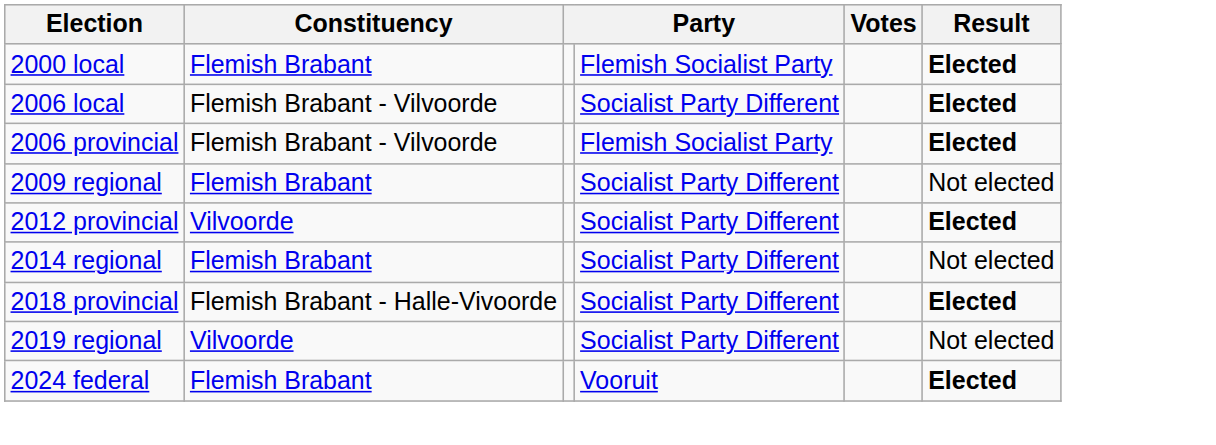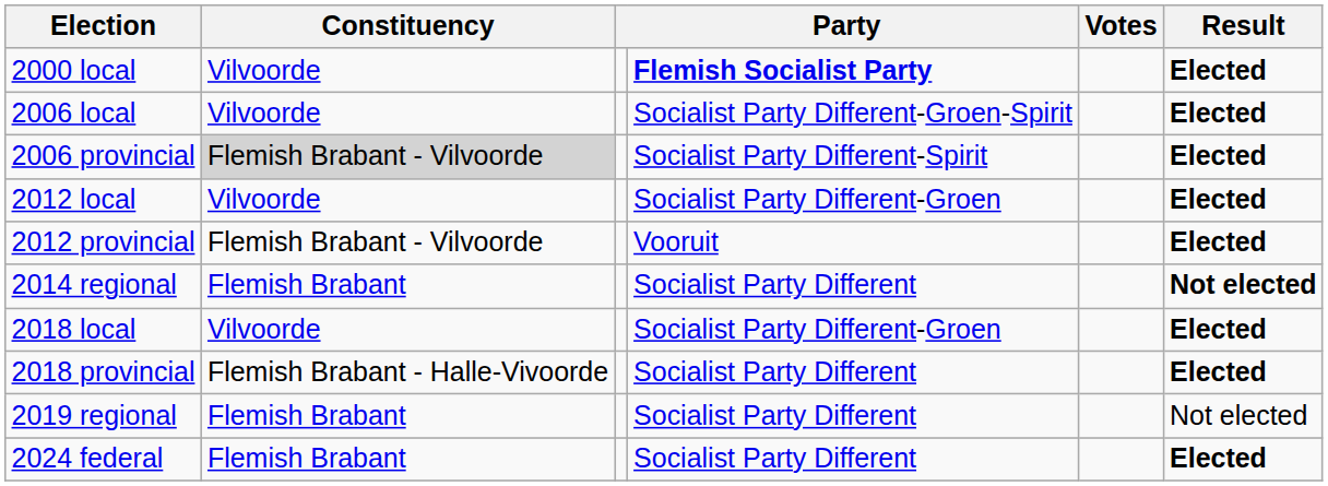 <table class="wikitable" style="text-align:left;">
 <tr>
 <th scope=col>Election</th>
 <th scope=col>Constituency</th>
 <th scope=col colspan="2">Party</th>
 <th scope=col>Votes</th>
 <th scope=col>Result</th>
 </tr>
 <tr>
 <td><a href='#'>2000 local</a></td>
-<td><a href='#'>Flemish Brabant</a></td>
+<td><a href='#'>Vilvoorde</a></td>
 <td style="background:"></td>
-<td><a href='#'>Flemish Socialist Party</a></td>
+<td><strong><a href='#'>Flemish Socialist Party</a></strong></td>
 <td align=right></td>
 <td><strong>Elected</strong></td>
 </tr>
 <tr>
 <td><a href='#'>2006 local</a></td>
-<td>Flemish Brabant - Vilvoorde</td>
+<td><a href='#'>Vilvoorde</a></td>
 <td></td>
-<td><a href='#'>Socialist Party Different</a></td>
+<td><a href='#'>Socialist Party Different</a>-<a href='#'>Groen</a>-<a href='#'>Spirit</a></td>
 <td align=right></td>
 <td><strong>Elected</strong></td>
 </tr>
 <tr>
 <td><a href='#'>2006 provincial</a></td>
-<td>Flemish Brabant - Vilvoorde</td>
+<td style="background: lightgrey;">Flemish Brabant - Vilvoorde</td>
 <td></td>
-<td><a href='#'>Flemish Socialist Party</a></td>
+<td><a href='#'>Socialist Party Different</a>-<a href='#'>Spirit</a></td>
 <td align=right></td>
 <td><strong>Elected</strong></td>
 </tr>
 <tr>
-<td><a href='#'>2009 regional</a></td>
-<td><a href='#'>Flemish Brabant</a></td>
-<td style="background:"></td>
-<td><a href='#'>Socialist Party Different</a></td>
+<td><a href='#'>2012 local</a></td>
+<td><a href='#'>Vilvoorde</a></td>
+<td></td>
+<td><a href='#'>Socialist Party Different</a>-<a href='#'>Groen</a></td>
 <td align=right></td>
-<td>Not elected</td>
+<td><strong>Elected</strong></td>
 </tr>
 <tr>
 <td><a href='#'>2012 provincial</a></td>
-<td><a href='#'>Vilvoorde</a></td>
+<td>Flemish Brabant - Vilvoorde</td>
 <td style="background:"></td>
-<td><a href='#'>Socialist Party Different</a></td>
+<td><a href='#'>Vooruit</a></td>
 <td align=right></td>
 <td><strong>Elected</strong></td>
 </tr>
 <tr>
 <td><a href='#'>2014 regional</a></td>
 <td><a href='#'>Flemish Brabant</a></td>
 <td style="background:"></td>
 <td><a href='#'>Socialist Party Different</a></td>
 <td align=right></td>
-<td>Not elected</td>
+<td><strong>Not elected</strong></td>
+</tr>
+<tr>
+<td><a href='#'>2018 local</a></td>
+<td><a href='#'>Vilvoorde</a></td>
+<td></td>
+<td><a href='#'>Socialist Party Different</a>-<a href='#'>Groen</a></td>
+<td align=right></td>
+<td><strong>Elected</strong></td>
 </tr>
 <tr>
 <td><a href='#'>2018 provincial</a></td>
 <td>Flemish Brabant - Halle-Vivoorde</td>
 <td style="background:"></td>
 <td><a href='#'>Socialist Party Different</a></td>
 <td align=right></td>
 <td><strong>Elected</strong></td>
 </tr>
 <tr>
 <td><a href='#'>2019 regional</a></td>
-<td><a href='#'>Vilvoorde</a></td>
+<td><a href='#'>Flemish Brabant</a></td>
 <td style="background:"></td>
 <td><a href='#'>Socialist Party Different</a></td>
 <td align=right></td>
 <td>Not elected</td>
 </tr>
 <tr>
 <td><a href='#'>2024 federal</a></td>
 <td><a href='#'>Flemish Brabant</a></td>
 <td style="background:"></td>
-<td><a href='#'>Vooruit</a></td>
+<td><a href='#'>Socialist Party Different</a></td>
 <td align=right></td>
 <td><strong>Elected</strong></td>
 </tr>
 </table>
